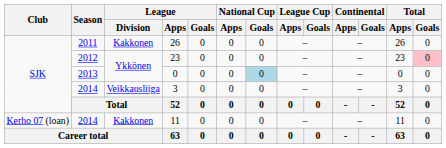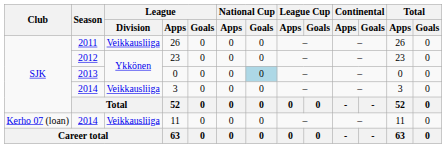 <table class="wikitable" style="text-align: center;">
 <tr>
 <th rowspan="2">Club</th>
 <th rowspan="2">Season</th>
 <th colspan="3">League</th>
 <th colspan="2">National Cup</th>
 <th colspan="2">League Cup</th>
 <th colspan="2">Continental</th>
 <th colspan="2">Total</th>
 </tr>
 <tr>
 <th>Division</th>
 <th>Apps</th>
 <th>Goals</th>
 <th>Apps</th>
 <th>Goals</th>
 <th>Apps</th>
 <th>Goals</th>
 <th>Apps</th>
 <th>Goals</th>
 <th>Apps</th>
 <th>Goals</th>
 </tr>
 <tr>
 <td rowspan="5" valign="center"><a href='#'>SJK</a></td>
 <td><a href='#'>2011</a></td>
-<td><a href='#'>Kakkonen</a></td>
+<td><a href='#'>Veikkausliiga</a></td>
 <td>26</td>
 <td>0</td>
 <td>0</td>
 <td>0</td>
 <td colspan="2">–</td>
 <td colspan="2">–</td>
 <td>26</td>
 <td>0</td>
 </tr>
 <tr>
 <td><a href='#'>2012</a></td>
 <td rowspan="2" valign="center"><a href='#'>Ykkönen</a></td>
 <td>23</td>
 <td>0</td>
 <td>0</td>
 <td>0</td>
 <td colspan="2">–</td>
 <td colspan="2">–</td>
 <td>23</td>
-<td style="background: pink;">0</td>
+<td>0</td>
 </tr>
 <tr>
 <td><a href='#'>2013</a></td>
 <td>0</td>
 <td>0</td>
 <td>0</td>
 <td style="background: lightblue;">0</td>
 <td colspan="2">–</td>
 <td colspan="2">–</td>
 <td>0</td>
 <td>0</td>
 </tr>
 <tr>
 <td><a href='#'>2014</a></td>
 <td><a href='#'>Veikkausliiga</a></td>
 <td>3</td>
 <td>0</td>
 <td>0</td>
 <td>0</td>
 <td colspan="2">–</td>
 <td colspan="2">–</td>
 <td>3</td>
 <td>0</td>
 </tr>
 <tr>
 <th colspan="2">Total</th>
 <th>52</th>
 <th>0</th>
 <th>0</th>
 <th>0</th>
 <th>0</th>
 <th>0</th>
 <th>-</th>
 <th>-</th>
 <th>52</th>
 <th>0</th>
 </tr>
 <tr>
 <td valign="center"><a href='#'>Kerho 07</a> (loan)</td>
 <td><a href='#'>2014</a></td>
-<td><a href='#'>Kakkonen</a></td>
+<td><a href='#'>Veikkausliiga</a></td>
 <td>11</td>
 <td>0</td>
 <td>0</td>
 <td>0</td>
 <td colspan="2">–</td>
 <td colspan="2">–</td>
 <td>11</td>
 <td>0</td>
 </tr>
 <tr>
 <th colspan="3">Career total</th>
 <th>63</th>
 <th>0</th>
 <th>0</th>
 <th>0</th>
 <th>0</th>
 <th>0</th>
 <th>-</th>
 <th>-</th>
 <th>63</th>
 <th>0</th>
 </tr>
 </table>
